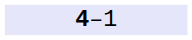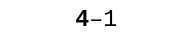 <table style="text-align:center">
 <tr>
 <th width=223></th>
 <th width=100></th>
 <th width=223></th>
 </tr>
 <tr>
 <td align=right><small><span></span></small> <strong></strong></td>
-<td style="background: lavender;"><strong>4</strong>–1</td>
+<td><strong>4</strong>–1</td>
 <td align=left> <small><span></span></small></td>
 </tr>
 </table>
